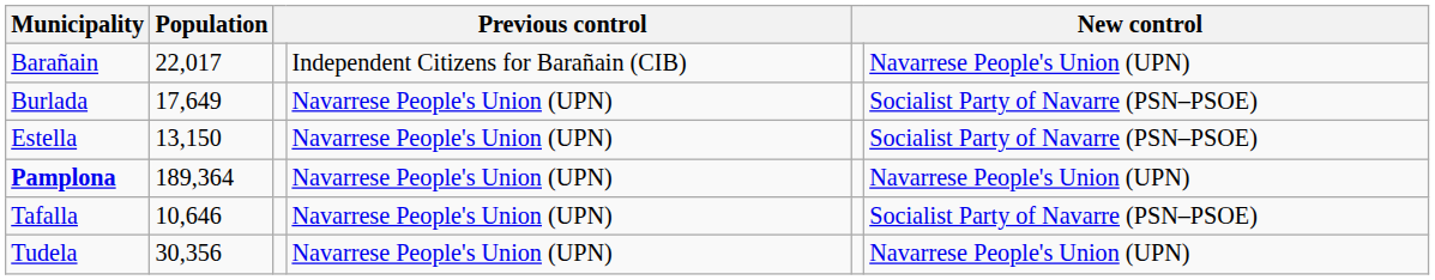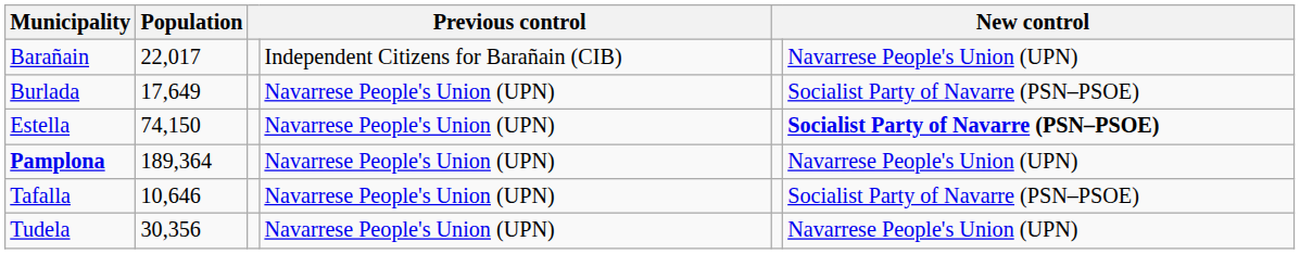 <table class="wikitable sortable">
 <tr>
 <th>Municipality</th>
 <th>Population</th>
 <th colspan="2" style="width:375px;">Previous control</th>
 <th colspan="2" style="width:375px;">New control</th>
 </tr>
 <tr>
 <td><a href='#'>Barañain</a></td>
 <td>22,017</td>
 <td width="1" style="color:inherit;background:"></td>
 <td>Independent Citizens for Barañain (CIB)</td>
 <td width="1" style="color:inherit;background:"></td>
 <td><a href='#'>Navarrese People's Union</a> (UPN)</td>
 </tr>
 <tr>
 <td><a href='#'>Burlada</a></td>
 <td>17,649</td>
 <td style="color:inherit;background:"></td>
 <td><a href='#'>Navarrese People's Union</a> (UPN)</td>
 <td style="color:inherit;background:"></td>
 <td><a href='#'>Socialist Party of Navarre</a> (PSN–PSOE)</td>
 </tr>
 <tr>
 <td><a href='#'>Estella</a></td>
-<td>13,150</td>
+<td>74,150</td>
 <td style="color:inherit;background:"></td>
 <td><a href='#'>Navarrese People's Union</a> (UPN)</td>
 <td style="color:inherit;background:"></td>
-<td><a href='#'>Socialist Party of Navarre</a> (PSN–PSOE)</td>
+<td><strong><a href='#'>Socialist Party of Navarre</a> (PSN–PSOE)</strong></td>
 </tr>
 <tr>
 <td><strong><a href='#'>Pamplona</a></strong></td>
 <td>189,364</td>
 <td style="color:inherit;background:"></td>
 <td><a href='#'>Navarrese People's Union</a> (UPN)</td>
 <td style="color:inherit;background:"></td>
 <td><a href='#'>Navarrese People's Union</a> (UPN)</td>
 </tr>
 <tr>
 <td><a href='#'>Tafalla</a></td>
 <td>10,646</td>
 <td style="color:inherit;background:"></td>
 <td><a href='#'>Navarrese People's Union</a> (UPN)</td>
 <td style="color:inherit;background:"></td>
 <td><a href='#'>Socialist Party of Navarre</a> (PSN–PSOE)</td>
 </tr>
 <tr>
 <td><a href='#'>Tudela</a></td>
 <td>30,356</td>
 <td style="color:inherit;background:"></td>
 <td><a href='#'>Navarrese People's Union</a> (UPN)</td>
 <td style="color:inherit;background:"></td>
 <td><a href='#'>Navarrese People's Union</a> (UPN)</td>
 </tr>
 </table>
